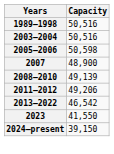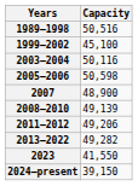 <table class="wikitable" style="float:left; margin-right:1em">
 <tr>
 <th scope="row">Years</th>
 <th scope="row">Capacity</th>
 </tr>
 <tr>
 <th scope="row">1989–1998</th>
 <td>50,516</td>
 </tr>
 <tr>
+<th scope="row">1999–2002</th>
+<td>45,100</td>
+</tr>
+<tr>
 <th scope="row">2003–2004</th>
-<td>50,516</td>
+<td>50,116</td>
 </tr>
 <tr>
 <th scope="row">2005–2006</th>
 <td>50,598</td>
 </tr>
 <tr>
 <th scope="row">2007</th>
 <td>48,900</td>
 </tr>
 <tr>
 <th scope="row">2008–2010</th>
 <td>49,139</td>
 </tr>
 <tr>
 <th scope="row">2011–2012</th>
 <td>49,206</td>
 </tr>
 <tr>
 <th scope="row">2013–2022</th>
-<td>46,542</td>
+<td>49,282</td>
 </tr>
 <tr>
 <th scope="row">2023</th>
 <td>41,550</td>
 </tr>
 <tr>
 <th scope="row">2024–present</th>
 <td>39,150</td>
 </tr>
 </table>
